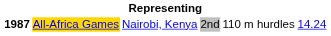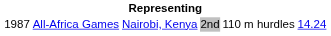 <table>
 <tr>
 <th colspan="6">Representing </th>
 </tr>
 <tr>
-<td><strong>1987</strong></td>
-<td style="background: gold;"><a href='#'>All-Africa Games</a></td>
+<td>1987</td>
+<td><a href='#'>All-Africa Games</a></td>
 <td><a href='#'>Nairobi, Kenya</a></td>
 <td bgcolor=silver>2nd</td>
 <td>110 m hurdles</td>
 <td><a href='#'>14.24</a></td>
 </tr>
 </table>
